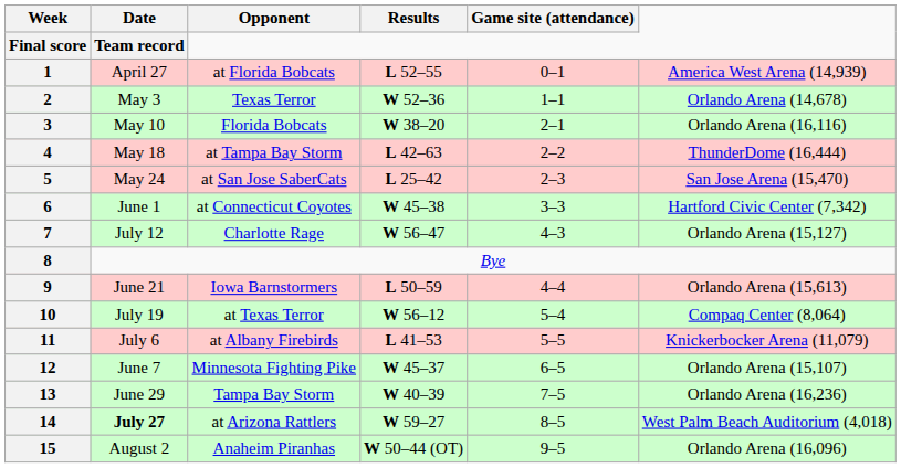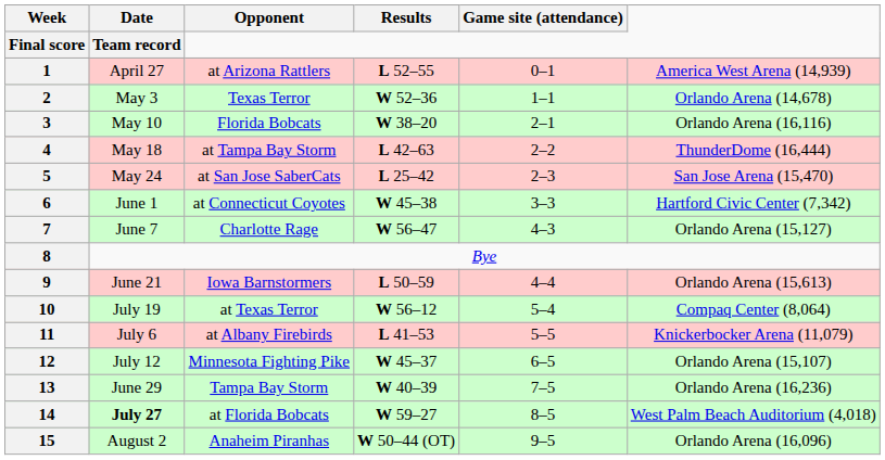 <table class="wikitable" style="font-size: 92%;" "align=center">
 <tr>
 <th>Week</th>
 <th>Date</th>
 <th>Opponent</th>
 <th>Results</th>
 <th>Game site (attendance)</th>
 </tr>
 <tr>
 <th>Final score</th>
 <th>Team record</th>
 </tr>
 <tr style="background:#fcc">
 <th>1</th>
 <td style="text-align:center;">April 27</td>
-<td style="text-align:center;">at <a href='#'>Florida Bobcats</a></td>
+<td style="text-align:center;">at <a href='#'>Arizona Rattlers</a></td>
 <td style="text-align:center;"><strong>L</strong> 52–55</td>
 <td style="text-align:center;">0–1</td>
 <td style="text-align:center;"><a href='#'>America West Arena</a> (14,939)</td>
 </tr>
 <tr style="background:#cfc">
 <th>2</th>
 <td style="text-align:center;">May 3</td>
 <td style="text-align:center;"><a href='#'>Texas Terror</a></td>
 <td style="text-align:center;"><strong>W</strong> 52–36</td>
 <td style="text-align:center;">1–1</td>
 <td style="text-align:center;"><a href='#'>Orlando Arena</a> (14,678)</td>
 </tr>
 <tr style="background:#cfc">
 <th>3</th>
 <td style="text-align:center;">May 10</td>
 <td style="text-align:center;"><a href='#'>Florida Bobcats</a></td>
 <td style="text-align:center;"><strong>W</strong> 38–20</td>
 <td style="text-align:center;">2–1</td>
 <td style="text-align:center;">Orlando Arena (16,116)</td>
 </tr>
 <tr style="background:#fcc">
 <th>4</th>
 <td style="text-align:center;">May 18</td>
 <td style="text-align:center;">at <a href='#'>Tampa Bay Storm</a></td>
 <td style="text-align:center;"><strong>L</strong> 42–63</td>
 <td style="text-align:center;">2–2</td>
 <td style="text-align:center;"><a href='#'>ThunderDome</a> (16,444)</td>
 </tr>
 <tr style="background:#fcc">
 <th>5</th>
 <td style="text-align:center;">May 24</td>
 <td style="text-align:center;">at <a href='#'>San Jose SaberCats</a></td>
 <td style="text-align:center;"><strong>L</strong> 25–42</td>
 <td style="text-align:center;">2–3</td>
 <td style="text-align:center;"><a href='#'>San Jose Arena</a> (15,470)</td>
 </tr>
 <tr style="background:#cfc">
 <th>6</th>
 <td style="text-align:center;">June 1</td>
 <td style="text-align:center;">at <a href='#'>Connecticut Coyotes</a></td>
 <td style="text-align:center;"><strong>W</strong> 45–38</td>
 <td style="text-align:center;">3–3</td>
 <td style="text-align:center;"><a href='#'>Hartford Civic Center</a> (7,342)</td>
 </tr>
 <tr style="background:#cfc">
 <th>7</th>
-<td style="text-align:center;">July 12</td>
+<td style="text-align:center;">June 7</td>
 <td style="text-align:center;"><a href='#'>Charlotte Rage</a></td>
 <td style="text-align:center;"><strong>W</strong> 56–47</td>
 <td style="text-align:center;">4–3</td>
 <td style="text-align:center;">Orlando Arena (15,127)</td>
 </tr>
 <tr style=>
 <th>8</th>
 <td colspan="8" style="text-align:center;"><em><a href='#'>Bye</a></em></td>
 </tr>
 <tr style="background:#fcc">
 <th>9</th>
 <td style="text-align:center;">June 21</td>
 <td style="text-align:center;"><a href='#'>Iowa Barnstormers</a></td>
 <td style="text-align:center;"><strong>L</strong> 50–59</td>
 <td style="text-align:center;">4–4</td>
 <td style="text-align:center;">Orlando Arena (15,613)</td>
 </tr>
 <tr style="background:#cfc">
 <th>10</th>
 <td style="text-align:center;">July 19</td>
 <td style="text-align:center;">at <a href='#'>Texas Terror</a></td>
 <td style="text-align:center;"><strong>W</strong> 56–12</td>
 <td style="text-align:center;">5–4</td>
 <td style="text-align:center;"><a href='#'>Compaq Center</a> (8,064)</td>
 </tr>
 <tr style="background:#fcc">
 <th>11</th>
 <td style="text-align:center;">July 6</td>
 <td style="text-align:center;">at <a href='#'>Albany Firebirds</a></td>
 <td style="text-align:center;"><strong>L</strong> 41–53</td>
 <td style="text-align:center;">5–5</td>
 <td style="text-align:center;"><a href='#'>Knickerbocker Arena</a> (11,079)</td>
 </tr>
 <tr style="background:#cfc">
 <th>12</th>
-<td style="text-align:center;">June 7</td>
+<td style="text-align:center;">July 12</td>
 <td style="text-align:center;"><a href='#'>Minnesota Fighting Pike</a></td>
 <td style="text-align:center;"><strong>W</strong> 45–37</td>
 <td style="text-align:center;">6–5</td>
 <td style="text-align:center;">Orlando Arena (15,107)</td>
 </tr>
 <tr style="background:#cfc">
 <th>13</th>
 <td style="text-align:center;">June 29</td>
 <td style="text-align:center;"><a href='#'>Tampa Bay Storm</a></td>
 <td style="text-align:center;"><strong>W</strong> 40–39</td>
 <td style="text-align:center;">7–5</td>
 <td style="text-align:center;">Orlando Arena (16,236)</td>
 </tr>
 <tr style="background:#cfc">
 <th>14</th>
 <td style="text-align:center;"><strong>July 27</strong></td>
-<td style="text-align:center;">at <a href='#'>Arizona Rattlers</a></td>
+<td style="text-align:center;">at <a href='#'>Florida Bobcats</a></td>
 <td style="text-align:center;"><strong>W</strong> 59–27</td>
 <td style="text-align:center;">8–5</td>
 <td style="text-align:center;"><a href='#'>West Palm Beach Auditorium</a> (4,018)</td>
 </tr>
 <tr style="background:#cfc">
 <th>15</th>
 <td style="text-align:center;">August 2</td>
 <td style="text-align:center;"><a href='#'>Anaheim Piranhas</a></td>
 <td style="text-align:center;"><strong>W</strong> 50–44 (OT)</td>
 <td style="text-align:center;">9–5</td>
 <td style="text-align:center;">Orlando Arena (16,096)</td>
 </tr>
 </table>
